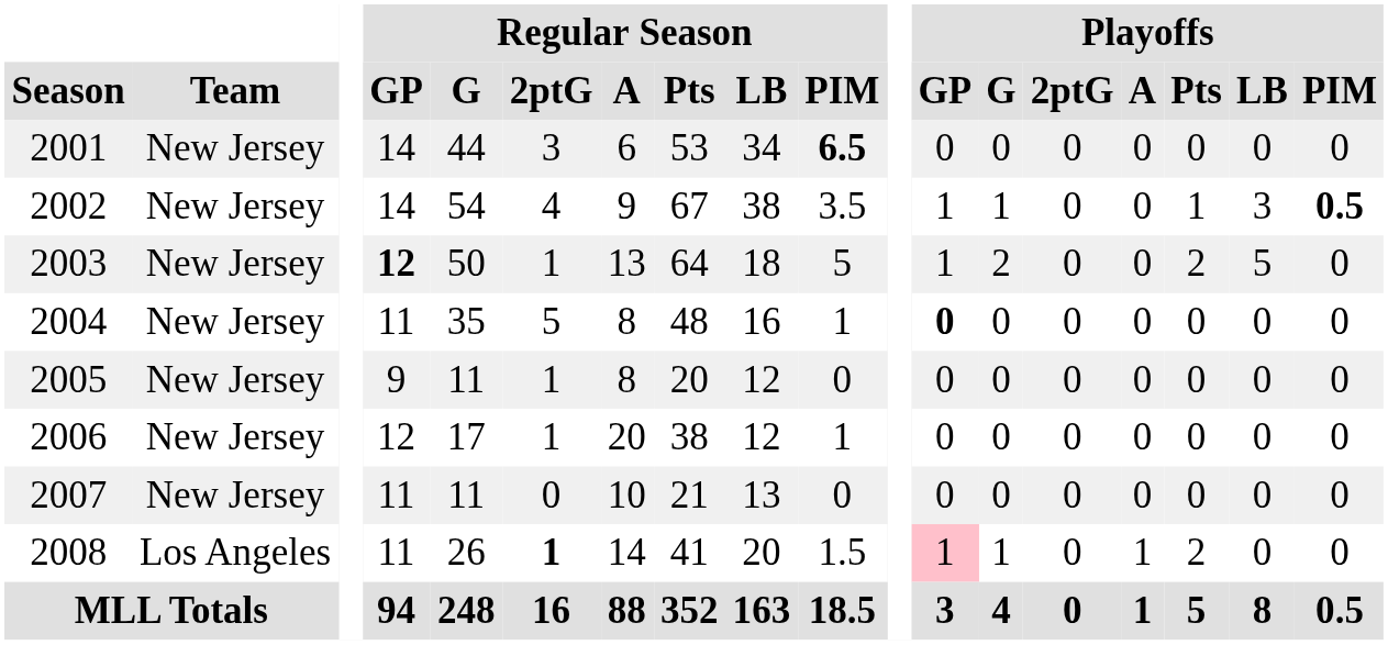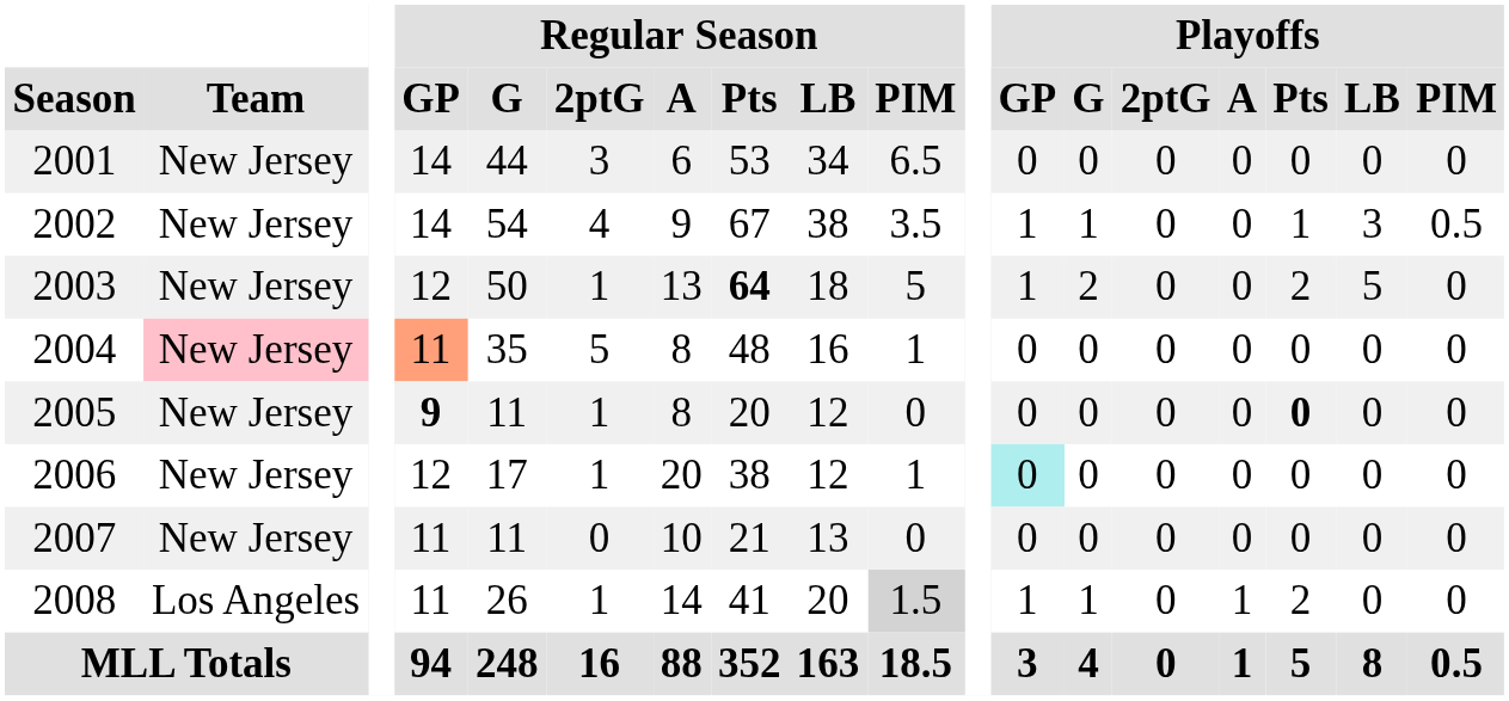 <table BORDER="0" CELLPADDING="3" CELLSPACING="0">
 <tr style="text-align: center; background: #e0e0e0">
 <th colspan="2" style="background: #ffffff"> </th>
 <th rowspan="99" style="background: #ffffff"> </th>
 <th colspan="7">Regular Season</th>
 <th rowspan="99" style="background: #ffffff"> </th>
 <th colspan="7">Playoffs</th>
 </tr>
 <tr style="text-align: center; background: #e0e0e0">
 <th>Season</th>
 <th>Team</th>
 <th>GP</th>
 <th>G</th>
 <th>2ptG</th>
 <th>A</th>
 <th>Pts</th>
 <th>LB</th>
 <th>PIM</th>
 <th>GP</th>
 <th>G</th>
 <th>2ptG</th>
 <th>A</th>
 <th>Pts</th>
 <th>LB</th>
 <th>PIM</th>
 </tr>
 <tr style="text-align: center; background: #f0f0f0">
 <td>2001</td>
 <td>New Jersey</td>
 <td>14</td>
 <td>44</td>
 <td>3</td>
 <td>6</td>
 <td>53</td>
 <td>34</td>
-<td><strong>6.5</strong></td>
+<td>6.5</td>
 <td>0</td>
 <td>0</td>
 <td>0</td>
 <td>0</td>
 <td>0</td>
 <td>0</td>
 <td>0</td>
 </tr>
 <tr ALIGN="center">
 <td>2002</td>
 <td>New Jersey</td>
 <td>14</td>
 <td>54</td>
 <td>4</td>
 <td>9</td>
 <td>67</td>
 <td>38</td>
 <td>3.5</td>
 <td>1</td>
 <td>1</td>
 <td>0</td>
 <td>0</td>
 <td>1</td>
 <td>3</td>
-<td><strong>0.5</strong></td>
+<td>0.5</td>
 </tr>
 <tr style="text-align: center; background: #f0f0f0">
 <td>2003</td>
 <td>New Jersey</td>
-<td><strong>12</strong></td>
+<td>12</td>
 <td>50</td>
 <td>1</td>
 <td>13</td>
-<td>64</td>
+<td><strong>64</strong></td>
 <td>18</td>
 <td>5</td>
 <td>1</td>
 <td>2</td>
 <td>0</td>
 <td>0</td>
 <td>2</td>
 <td>5</td>
 <td>0</td>
 </tr>
 <tr ALIGN="center">
 <td>2004</td>
-<td>New Jersey</td>
-<td>11</td>
+<td style="background: pink;">New Jersey</td>
+<td style="background: lightsalmon;">11</td>
 <td>35</td>
 <td>5</td>
 <td>8</td>
 <td>48</td>
 <td>16</td>
 <td>1</td>
-<td><strong>0</strong></td>
+<td>0</td>
 <td>0</td>
 <td>0</td>
 <td>0</td>
 <td>0</td>
 <td>0</td>
 <td>0</td>
 </tr>
 <tr style="text-align: center; background: #f0f0f0">
 <td>2005</td>
 <td>New Jersey</td>
-<td>9</td>
+<td><strong>9</strong></td>
 <td>11</td>
 <td>1</td>
 <td>8</td>
 <td>20</td>
 <td>12</td>
 <td>0</td>
 <td>0</td>
 <td>0</td>
 <td>0</td>
 <td>0</td>
-<td>0</td>
+<td><strong>0</strong></td>
 <td>0</td>
 <td>0</td>
 </tr>
 <tr ALIGN="center">
 <td>2006</td>
 <td>New Jersey</td>
 <td>12</td>
 <td>17</td>
 <td>1</td>
 <td>20</td>
 <td>38</td>
 <td>12</td>
 <td>1</td>
-<td>0</td>
+<td style="background: paleturquoise;">0</td>
 <td>0</td>
 <td>0</td>
 <td>0</td>
 <td>0</td>
 <td>0</td>
 <td>0</td>
 </tr>
 <tr style="text-align: center; background: #f0f0f0">
 <td>2007</td>
 <td>New Jersey</td>
 <td>11</td>
 <td>11</td>
 <td>0</td>
 <td>10</td>
 <td>21</td>
 <td>13</td>
 <td>0</td>
 <td>0</td>
 <td>0</td>
 <td>0</td>
 <td>0</td>
 <td>0</td>
 <td>0</td>
 <td>0</td>
 </tr>
 <tr ALIGN="center">
 <td>2008</td>
 <td>Los Angeles</td>
 <td>11</td>
 <td>26</td>
-<td><strong>1</strong></td>
+<td>1</td>
 <td>14</td>
 <td>41</td>
 <td>20</td>
-<td>1.5</td>
-<td style="background: pink;">1</td>
+<td style="background: lightgrey;">1.5</td>
+<td>1</td>
 <td>1</td>
 <td>0</td>
 <td>1</td>
 <td>2</td>
 <td>0</td>
 <td>0</td>
 </tr>
 <tr style="text-align: center; background: #e0e0e0">
 <th colspan="2">MLL Totals</th>
 <th>94</th>
 <th>248</th>
 <th>16</th>
 <th>88</th>
 <th>352</th>
 <th>163</th>
 <th>18.5</th>
 <th>3</th>
 <th>4</th>
 <th>0</th>
 <th>1</th>
 <th>5</th>
 <th>8</th>
 <th>0.5</th>
 </tr>
 </table>
